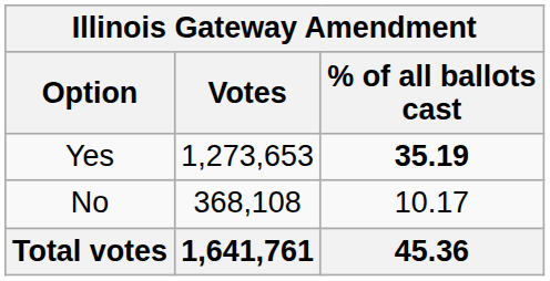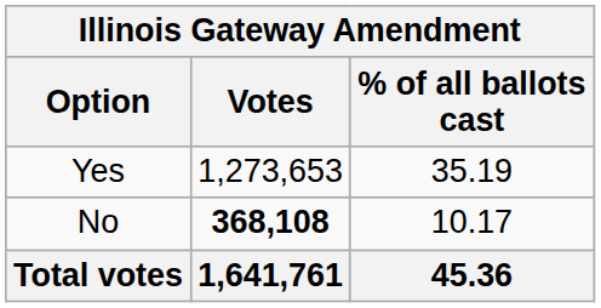 <table class="wikitable">
 <tr>
 <th colspan=4 text align=center>Illinois Gateway Amendment</th>
 </tr>
 <tr>
 <th>Option</th>
 <th>Votes</th>
 <th>% of all ballots<br>cast</th>
 </tr>
 <tr>
 <td text align=center>Yes</td>
 <td text align=center>1,273,653</td>
-<td text align=center><strong>35.19</strong></td>
+<td text align=center>35.19</td>
 </tr>
 <tr>
 <td text align=center>No</td>
-<td text align=center>368,108</td>
+<td text align=center><strong>368,108</strong></td>
 <td text align=center>10.17</td>
 </tr>
 <tr>
 <th text align=center>Total votes</th>
 <th text align=center><strong>1,641,761</strong></th>
 <th text align=center><strong>45.36</strong></th>
 </tr>
 </table>
